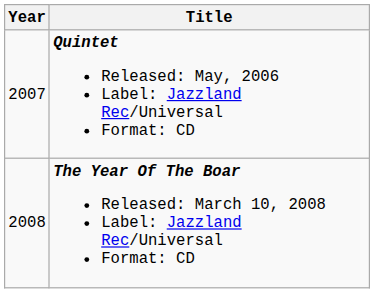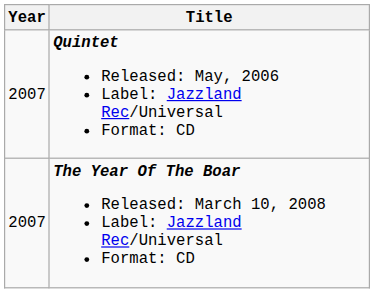 <table class="wikitable">
 <tr>
 <th>Year</th>
 <th style="width:225px;">Title</th>
 </tr>
 <tr>
 <td>2007</td>
 <td style="width:20em"><strong><em>Quintet</em></strong><br><ul><li>Released: May, 2006</li><li>Label: <a href='#'>Jazzland Rec</a>/Universal </li><li>Format: CD</li></ul></td>
 </tr>
 <tr>
-<td>2008</td>
+<td>2007</td>
 <td style="width:20em"><strong><em>The Year Of The Boar</em></strong><br><ul><li>Released: March 10, 2008</li><li>Label: <a href='#'>Jazzland Rec</a>/Universal </li><li>Format: CD</li></ul></td>
 </tr>
 </table>
